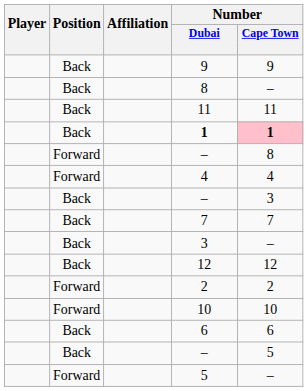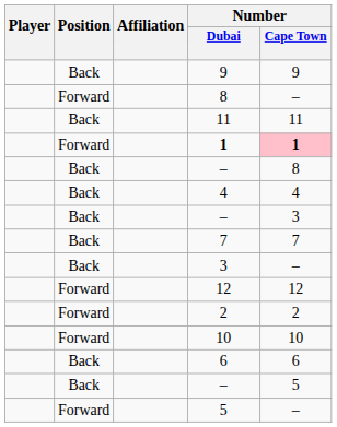 <table class="wikitable sortable" style="text-align:center;">
 <tr>
 <th rowspan=2 style="border-bottom:0px;">Player</th>
 <th rowspan=2 style="border-bottom:0px;">Position</th>
 <th rowspan=2 style="border-bottom:0px;">Affiliation</th>
 <th colspan=2 style="padding:2px;">Number</th>
 </tr>
 <tr>
 <th valign=top style="width:5.2em; border-bottom:0px; padding:2px; font-size:85%;"><a href='#'>Dubai</a></th>
 <th valign=top style="width:5.2em; border-bottom:0px; padding:2px; font-size:85%;"><a href='#'>Cape Town</a></th>
 </tr>
 <tr style="line-height:8px;">
 <th style="border-top:0px;"> </th>
 <th style="border-top:0px;"></th>
 <th style="border-top:0px;"></th>
 <th data-sort-type="number" style="border-top:0px;"></th>
 <th data-sort-type="number" style="border-top:0px;"></th>
 </tr>
 <tr>
 <td align=left></td>
 <td>Back</td>
 <td></td>
 <td>9</td>
 <td>9</td>
 </tr>
 <tr>
 <td align=left></td>
-<td>Back</td>
+<td>Forward</td>
 <td></td>
 <td>8</td>
 <td>–</td>
 </tr>
 <tr>
 <td align=left></td>
 <td>Back</td>
 <td></td>
 <td>11</td>
 <td>11</td>
 </tr>
 <tr>
 <td align=left></td>
-<td>Back</td>
+<td>Forward</td>
 <td></td>
 <td><strong>1</strong></td>
 <td style="background: pink;"><strong>1</strong></td>
 </tr>
 <tr>
 <td align=left></td>
-<td>Forward</td>
+<td>Back</td>
 <td></td>
 <td>–</td>
 <td>8</td>
 </tr>
 <tr>
 <td align=left></td>
-<td>Forward</td>
+<td>Back</td>
 <td></td>
 <td>4</td>
 <td>4</td>
 </tr>
 <tr>
 <td align=left></td>
 <td>Back</td>
 <td></td>
 <td>–</td>
 <td>3</td>
 </tr>
 <tr>
 <td align=left></td>
 <td>Back</td>
 <td></td>
 <td>7</td>
 <td>7</td>
 </tr>
 <tr>
 <td align=left></td>
 <td>Back</td>
 <td></td>
 <td>3</td>
 <td>–</td>
 </tr>
 <tr>
 <td align=left></td>
-<td>Back</td>
+<td>Forward</td>
 <td></td>
 <td>12</td>
 <td>12</td>
 </tr>
 <tr>
 <td align=left></td>
 <td>Forward</td>
 <td></td>
 <td>2</td>
 <td>2</td>
 </tr>
 <tr>
 <td align=left></td>
 <td>Forward</td>
 <td></td>
 <td>10</td>
 <td>10</td>
 </tr>
 <tr>
 <td align=left></td>
 <td>Back</td>
 <td></td>
 <td>6</td>
 <td>6</td>
 </tr>
 <tr>
 <td align=left></td>
 <td>Back</td>
 <td></td>
 <td>–</td>
 <td>5</td>
 </tr>
 <tr>
 <td align=left></td>
 <td>Forward</td>
 <td></td>
 <td>5</td>
 <td>–</td>
 </tr>
 </table>
